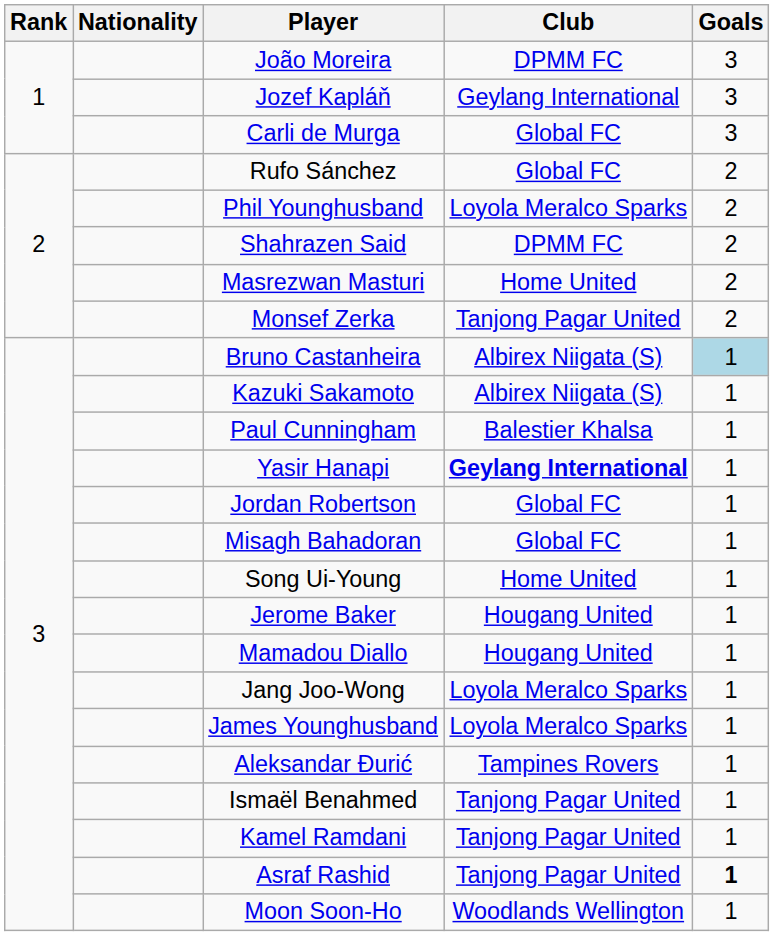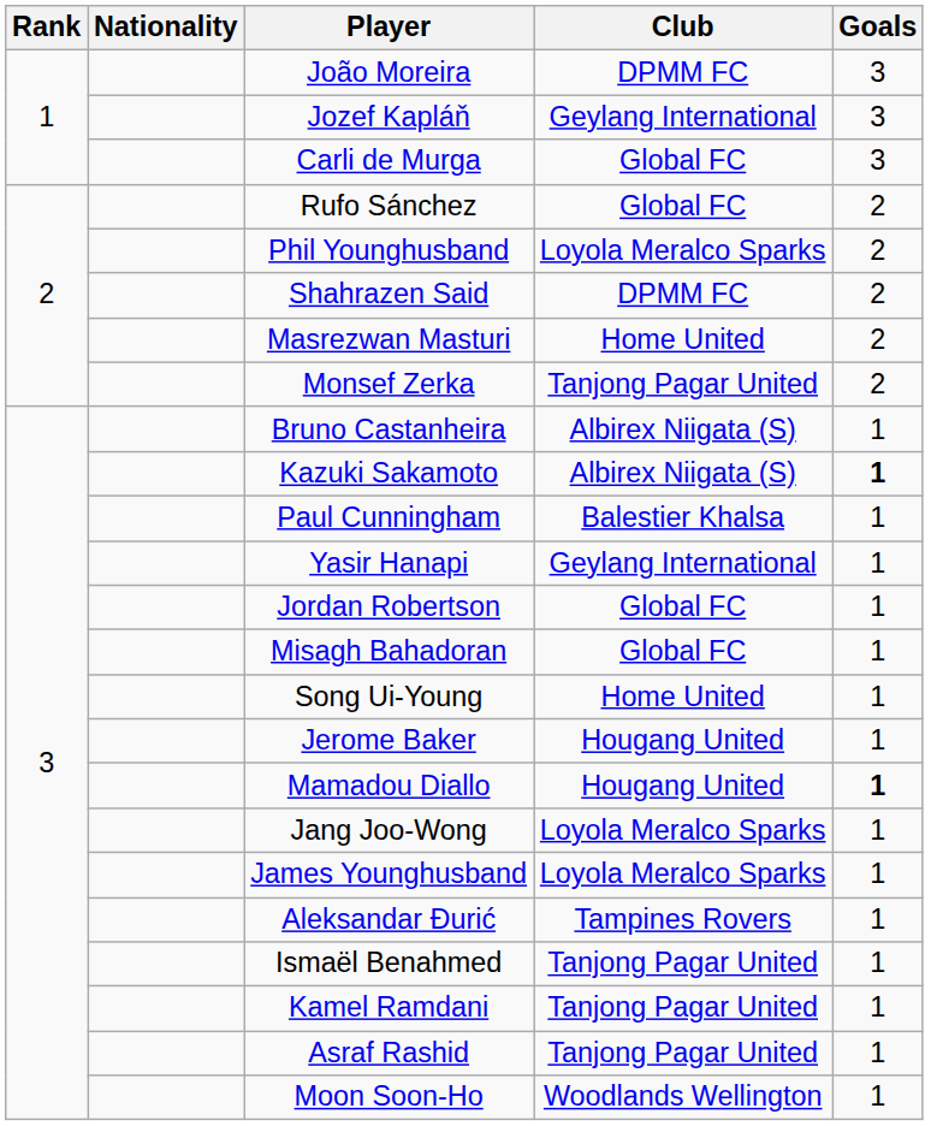 <table class="wikitable" style="text-align:center">
 <tr>
 <th>Rank</th>
 <th>Nationality</th>
 <th>Player</th>
 <th>Club</th>
 <th>Goals</th>
 </tr>
 <tr>
 <td rowspan="3">1</td>
 <td></td>
 <td><a href='#'>João Moreira</a></td>
 <td><a href='#'>DPMM FC</a></td>
 <td>3</td>
 </tr>
 <tr>
 <td></td>
 <td><a href='#'>Jozef Kapláň</a></td>
 <td><a href='#'>Geylang International</a></td>
 <td>3</td>
 </tr>
 <tr>
 <td></td>
 <td><a href='#'>Carli de Murga</a></td>
 <td><a href='#'>Global FC</a></td>
 <td>3</td>
 </tr>
 <tr>
 <td rowspan="5">2</td>
 <td></td>
 <td>Rufo Sánchez</td>
 <td><a href='#'>Global FC</a></td>
 <td>2</td>
 </tr>
 <tr>
 <td></td>
 <td><a href='#'>Phil Younghusband</a></td>
 <td><a href='#'>Loyola Meralco Sparks</a></td>
 <td>2</td>
 </tr>
 <tr>
 <td></td>
 <td><a href='#'>Shahrazen Said</a></td>
 <td><a href='#'>DPMM FC</a></td>
 <td>2</td>
 </tr>
 <tr>
 <td></td>
 <td><a href='#'>Masrezwan Masturi</a></td>
 <td><a href='#'>Home United</a></td>
 <td>2</td>
 </tr>
 <tr>
 <td></td>
 <td><a href='#'>Monsef Zerka</a></td>
 <td><a href='#'>Tanjong Pagar United</a></td>
 <td>2</td>
 </tr>
 <tr>
 <td rowspan="16">3</td>
 <td></td>
 <td><a href='#'>Bruno Castanheira</a></td>
 <td><a href='#'>Albirex Niigata (S)</a></td>
-<td style="background: lightblue;">1</td>
+<td>1</td>
 </tr>
 <tr>
 <td></td>
 <td><a href='#'>Kazuki Sakamoto</a></td>
 <td><a href='#'>Albirex Niigata (S)</a></td>
-<td>1</td>
+<td><strong>1</strong></td>
 </tr>
 <tr>
 <td></td>
 <td><a href='#'>Paul Cunningham</a></td>
 <td><a href='#'>Balestier Khalsa</a></td>
 <td>1</td>
 </tr>
 <tr>
 <td></td>
 <td><a href='#'>Yasir Hanapi</a></td>
-<td><strong><a href='#'>Geylang International</a></strong></td>
+<td><a href='#'>Geylang International</a></td>
 <td>1</td>
 </tr>
 <tr>
 <td></td>
 <td><a href='#'>Jordan Robertson</a></td>
 <td><a href='#'>Global FC</a></td>
 <td>1</td>
 </tr>
 <tr>
 <td></td>
 <td><a href='#'>Misagh Bahadoran</a></td>
 <td><a href='#'>Global FC</a></td>
 <td>1</td>
 </tr>
 <tr>
 <td></td>
 <td>Song Ui-Young</td>
 <td><a href='#'>Home United</a></td>
 <td>1</td>
 </tr>
 <tr>
 <td></td>
 <td><a href='#'>Jerome Baker</a></td>
 <td><a href='#'>Hougang United</a></td>
 <td>1</td>
 </tr>
 <tr>
 <td></td>
 <td><a href='#'>Mamadou Diallo</a></td>
 <td><a href='#'>Hougang United</a></td>
-<td>1</td>
+<td><strong>1</strong></td>
 </tr>
 <tr>
 <td></td>
 <td>Jang Joo-Wong</td>
 <td><a href='#'>Loyola Meralco Sparks</a></td>
 <td>1</td>
 </tr>
 <tr>
 <td></td>
 <td><a href='#'>James Younghusband</a></td>
 <td><a href='#'>Loyola Meralco Sparks</a></td>
 <td>1</td>
 </tr>
 <tr>
 <td></td>
 <td><a href='#'>Aleksandar Đurić</a></td>
 <td><a href='#'>Tampines Rovers</a></td>
 <td>1</td>
 </tr>
 <tr>
 <td></td>
 <td>Ismaël Benahmed</td>
 <td><a href='#'>Tanjong Pagar United</a></td>
 <td>1</td>
 </tr>
 <tr>
 <td></td>
 <td><a href='#'>Kamel Ramdani</a></td>
 <td><a href='#'>Tanjong Pagar United</a></td>
 <td>1</td>
 </tr>
 <tr>
 <td></td>
 <td><a href='#'>Asraf Rashid</a></td>
 <td><a href='#'>Tanjong Pagar United</a></td>
-<td><strong>1</strong></td>
+<td>1</td>
 </tr>
 <tr>
 <td></td>
 <td><a href='#'>Moon Soon-Ho</a></td>
 <td><a href='#'>Woodlands Wellington</a></td>
 <td>1</td>
 </tr>
 </table>
